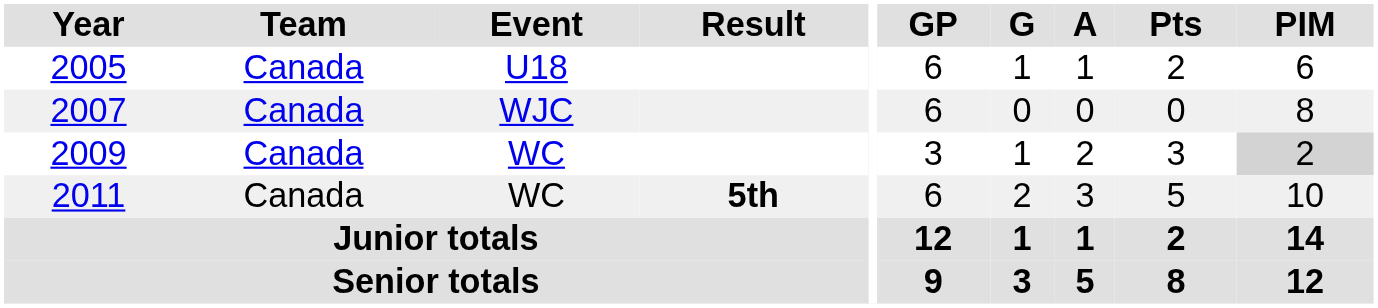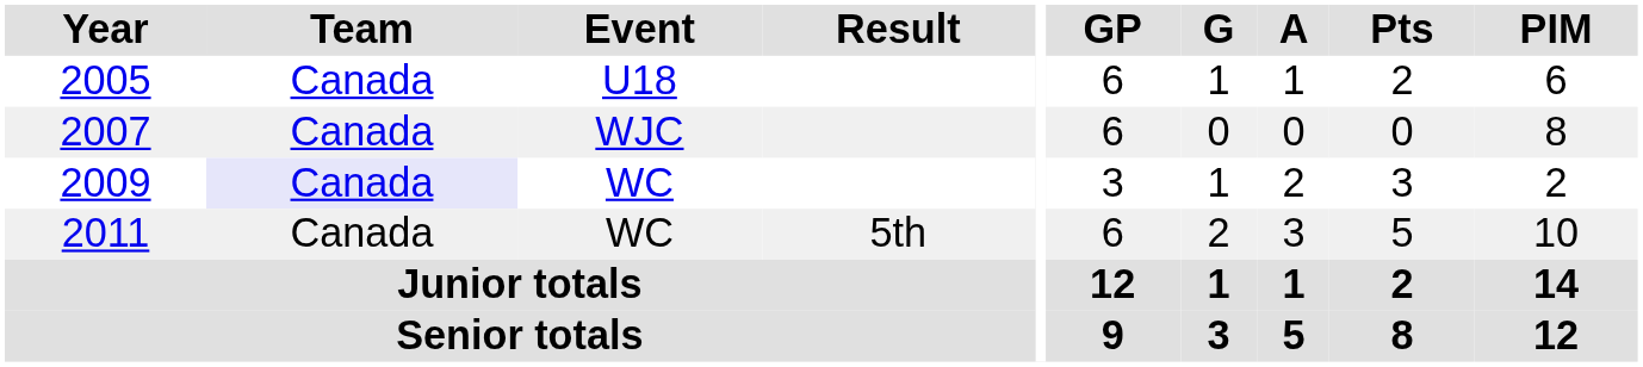 <table border="0" cellpadding="1" cellspacing="0" style="text-align:center; width:40em">
 <tr bgcolor="#e0e0e0">
 <th>Year</th>
 <th>Team</th>
 <th>Event</th>
 <th>Result</th>
 <th rowspan="99" bgcolor="#ffffff"></th>
 <th>GP</th>
 <th>G</th>
 <th>A</th>
 <th>Pts</th>
 <th>PIM</th>
 </tr>
 <tr>
 <td><a href='#'>2005</a></td>
 <td><a href='#'>Canada</a></td>
 <td><a href='#'>U18</a></td>
 <td></td>
 <td>6</td>
 <td>1</td>
 <td>1</td>
 <td>2</td>
 <td>6</td>
 </tr>
 <tr bgcolor="#f0f0f0">
 <td><a href='#'>2007</a></td>
 <td><a href='#'>Canada</a></td>
 <td><a href='#'>WJC</a></td>
 <td></td>
 <td>6</td>
 <td>0</td>
 <td>0</td>
 <td>0</td>
 <td>8</td>
 </tr>
 <tr>
 <td><a href='#'>2009</a></td>
-<td><a href='#'>Canada</a></td>
+<td style="background: lavender;"><a href='#'>Canada</a></td>
 <td><a href='#'>WC</a></td>
 <td></td>
 <td>3</td>
 <td>1</td>
 <td>2</td>
 <td>3</td>
-<td style="background: lightgrey;">2</td>
+<td>2</td>
 </tr>
 <tr bgcolor="#f0f0f0">
 <td><a href='#'>2011</a></td>
 <td>Canada</td>
 <td>WC</td>
-<td><strong>5th</strong></td>
+<td>5th</td>
 <td>6</td>
 <td>2</td>
 <td>3</td>
 <td>5</td>
 <td>10</td>
 </tr>
 <tr bgcolor="#e0e0e0">
 <th colspan=4>Junior totals</th>
 <th>12</th>
 <th>1</th>
 <th>1</th>
 <th>2</th>
 <th>14</th>
 </tr>
 <tr bgcolor="#e0e0e0">
 <th colspan=4>Senior totals</th>
 <th>9</th>
 <th>3</th>
 <th>5</th>
 <th>8</th>
 <th>12</th>
 </tr>
 </table>
